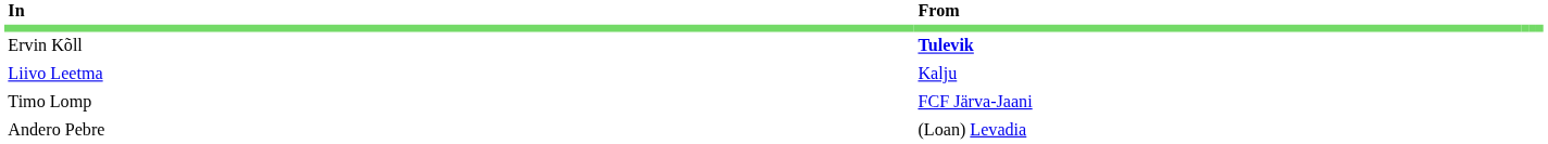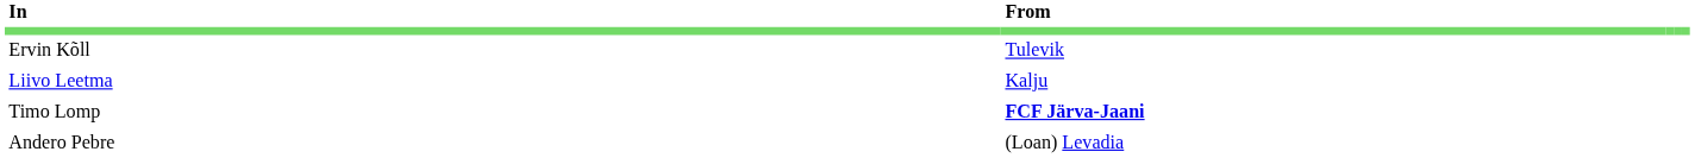 <table cellspacing="0" cellpadding="3" style="width:100%;font-size:90%">
 <tr>
 <td style="width:60%"><strong>In</strong></td>
 <td style="width:40%"><strong>From</strong></td>
 <td></td>
 </tr>
 <tr style="background-color:#73DA67;">
 <td></td>
 <td></td>
 <td></td>
 <td></td>
 <td></td>
 </tr>
 <tr>
 <td> Ervin Kõll</td>
-<td><strong><a href='#'>Tulevik</a></strong></td>
+<td><a href='#'>Tulevik</a></td>
 </tr>
 <tr>
 <td> <a href='#'>Liivo Leetma</a></td>
 <td><a href='#'>Kalju</a></td>
 </tr>
 <tr>
 <td> Timo Lomp</td>
-<td><a href='#'>FCF Järva-Jaani</a></td>
+<td><strong><a href='#'>FCF Järva-Jaani</a></strong></td>
 </tr>
 <tr>
 <td> Andero Pebre</td>
 <td>(Loan) <a href='#'>Levadia</a></td>
 </tr>
 </table>
